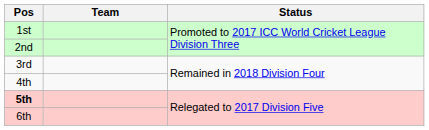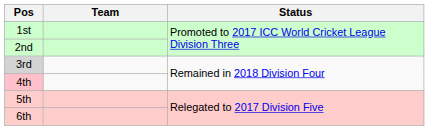 <table class="wikitable">
 <tr>
 <th width=50>Pos</th>
 <th width=175>Team</th>
 <th width=370>Status</th>
 </tr>
 <tr style="background:#cfc">
 <td align="center">1st</td>
 <td></td>
 <td rowspan=2>Promoted to <a href='#'>2017 ICC World Cricket League Division Three</a></td>
 </tr>
 <tr style="background:#cfc">
 <td align="center">2nd</td>
 <td></td>
 </tr>
 <tr>
-<td align="center">3rd</td>
+<td align="center" style="background: lightgrey;">3rd</td>
 <td></td>
 <td rowspan=2>Remained in <a href='#'>2018 Division Four</a></td>
 </tr>
 <tr>
-<td align="center">4th</td>
+<td align="center" style="background: pink;">4th</td>
 <td></td>
 </tr>
 <tr style="background:#fcc">
-<td align="center"><strong>5th</strong></td>
+<td align="center">5th</td>
 <td></td>
 <td rowspan=2>Relegated to <a href='#'>2017 Division Five</a></td>
 </tr>
 <tr style="background:#fcc">
 <td align="center">6th</td>
 <td></td>
 </tr>
 </table>
